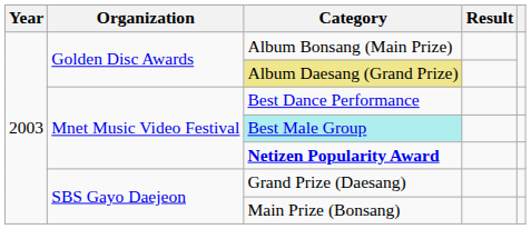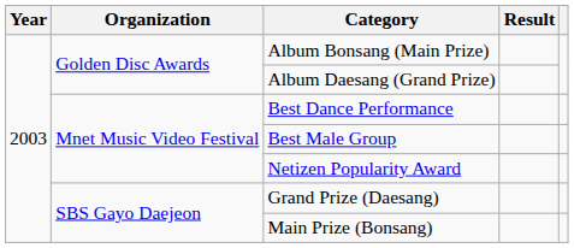 <table class="wikitable plainrowheaders">
 <tr>
 <th>Year</th>
 <th>Organization</th>
 <th>Category</th>
 <th>Result</th>
 <th scope="col" class="unsortable"></th>
 </tr>
 <tr>
 <td rowspan="7">2003</td>
 <td rowspan="2"><a href='#'>Golden Disc Awards</a></td>
 <td>Album Bonsang (Main Prize)</td>
 <td></td>
 <td rowspan="2" style="text-align:center;"></td>
 </tr>
 <tr>
-<td style="background: khaki;">Album Daesang (Grand Prize)</td>
+<td>Album Daesang (Grand Prize)</td>
 <td></td>
 </tr>
 <tr>
 <td rowspan="3"><a href='#'>Mnet Music Video Festival</a></td>
 <td><a href='#'>Best Dance Performance</a></td>
 <td></td>
 <td style="text-align:center;"></td>
 </tr>
 <tr>
-<td style="background: paleturquoise;"><a href='#'>Best Male Group</a></td>
+<td><a href='#'>Best Male Group</a></td>
 <td></td>
 <td></td>
 </tr>
 <tr>
-<td><strong><a href='#'>Netizen Popularity Award</a></strong></td>
+<td><a href='#'>Netizen Popularity Award</a></td>
 <td></td>
 <td></td>
 </tr>
 <tr>
 <td rowspan="2"><a href='#'>SBS Gayo Daejeon</a></td>
 <td>Grand Prize (Daesang)</td>
 <td></td>
 <td style="text-align:center;"></td>
 </tr>
 <tr>
 <td>Main Prize (Bonsang)</td>
 <td></td>
 <td></td>
 </tr>
 </table>
